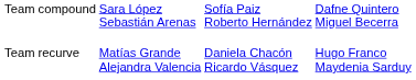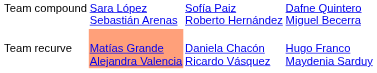 <table>
 <tr>
 <td>Team compound</td>
 <td><br><a href='#'>Sara López</a><br><a href='#'>Sebastián Arenas</a></td>
 <td><br><a href='#'>Sofía Paiz</a><br><a href='#'>Roberto Hernández</a></td>
 <td><br><a href='#'>Dafne Quintero</a><br><a href='#'>Miguel Becerra</a></td>
 </tr>
 <tr>
 <td>Team recurve</td>
-<td><br><a href='#'>Matías Grande</a><br><a href='#'>Alejandra Valencia</a></td>
+<td style="background: lightsalmon;"><br><a href='#'>Matías Grande</a><br><a href='#'>Alejandra Valencia</a></td>
 <td><br><a href='#'>Daniela Chacón</a><br><a href='#'>Ricardo Vásquez</a></td>
 <td><br><a href='#'>Hugo Franco</a><br><a href='#'>Maydenia Sarduy</a></td>
 </tr>
 </table>
